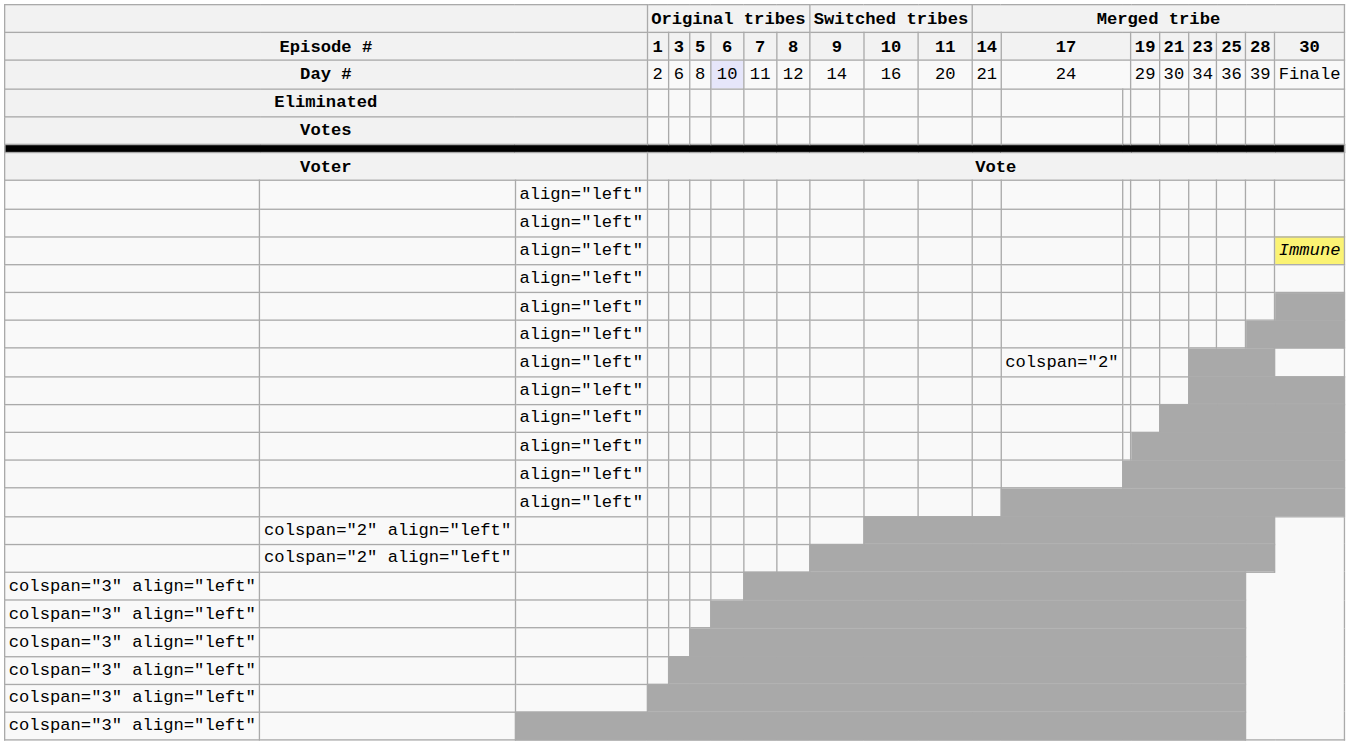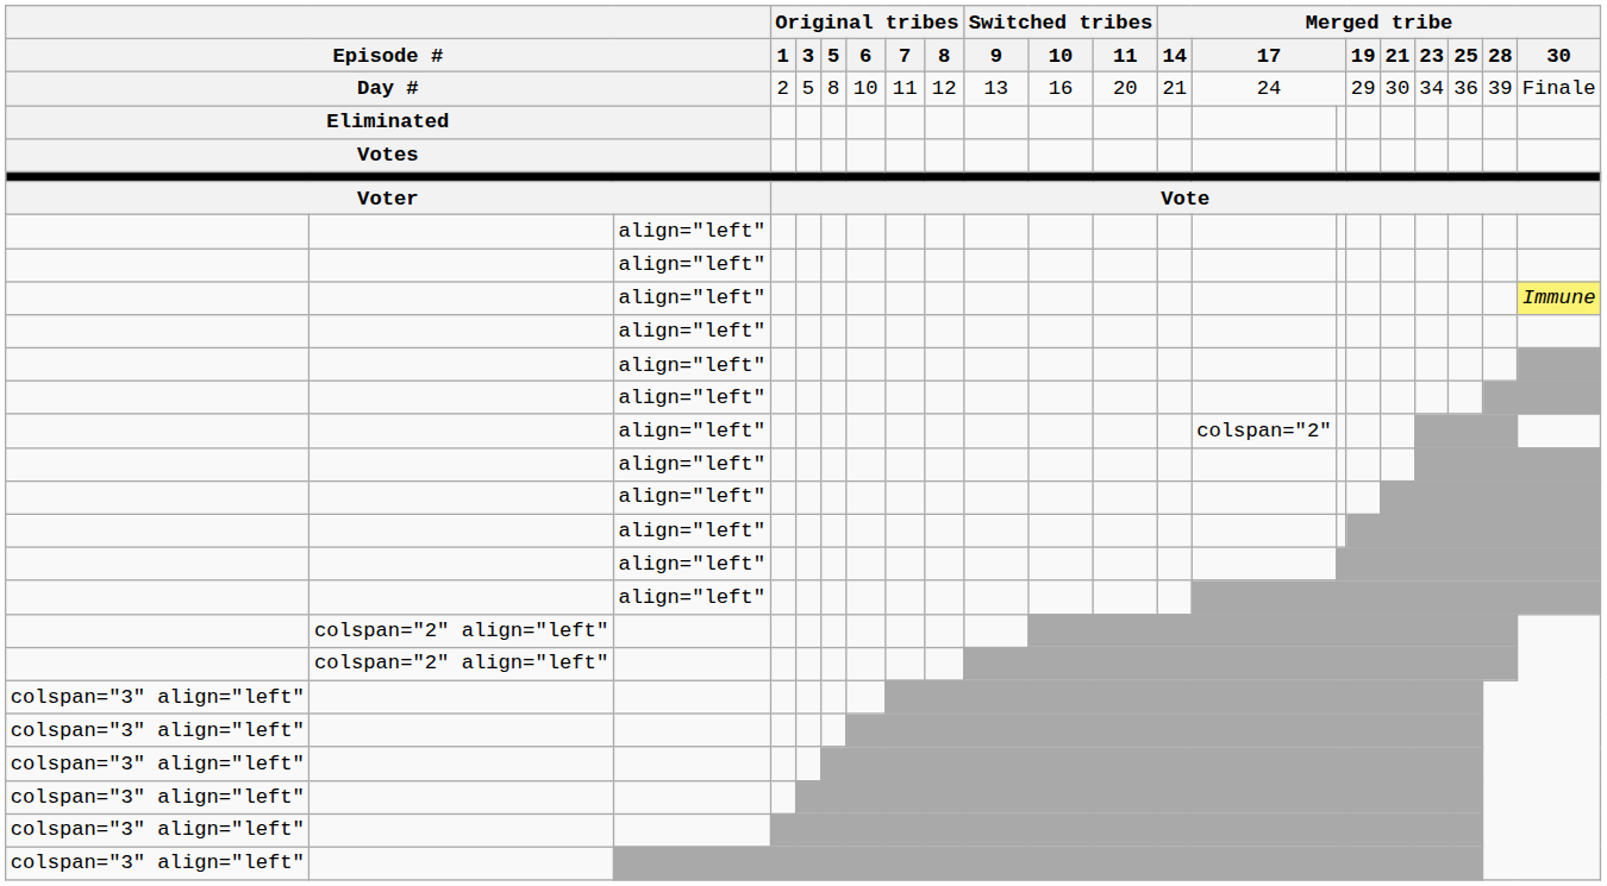 <table class="wikitable nowrap" style="text-align:center">
 <tr>
 <th colspan="3"></th>
 <th colspan="6">Original tribes</th>
 <th colspan="3">Switched tribes</th>
 <th colspan="9">Merged tribe</th>
 </tr>
 <tr>
 <th colspan="3">Episode #</th>
 <th>1</th>
 <th>3</th>
 <th>5</th>
 <th>6</th>
 <th>7</th>
 <th>8</th>
 <th>9</th>
 <th>10</th>
 <th>11</th>
 <th>14</th>
 <th colspan=2>17</th>
 <th>19</th>
 <th>21</th>
 <th>23</th>
 <th>25</th>
 <th>28</th>
 <th>30</th>
 </tr>
 <tr>
 <th colspan="3">Day #</th>
 <td>2</td>
-<td>6</td>
+<td>5</td>
 <td>8</td>
-<td style="background: lavender;">10</td>
+<td>10</td>
 <td>11</td>
 <td>12</td>
-<td>14</td>
+<td>13</td>
 <td>16</td>
 <td>20</td>
 <td>21</td>
 <td colspan="2">24</td>
 <td>29</td>
 <td>30</td>
 <td>34</td>
 <td>36</td>
 <td>39</td>
 <td>Finale</td>
 </tr>
 <tr>
 <th colspan="3">Eliminated</th>
 <td></td>
 <td></td>
 <td></td>
 <td></td>
 <td></td>
 <td></td>
 <td></td>
 <td></td>
 <td></td>
 <td></td>
 <td></td>
 <td></td>
 <td></td>
 <td></td>
 <td></td>
 <td></td>
 <td></td>
 <td></td>
 </tr>
 <tr>
 <th colspan="3">Votes</th>
 <td></td>
 <td></td>
 <td></td>
 <td></td>
 <td></td>
 <td></td>
 <td></td>
 <td></td>
 <td></td>
 <td></td>
 <td></td>
 <td></td>
 <td></td>
 <td></td>
 <td></td>
 <td></td>
 <td></td>
 <td></td>
 </tr>
 <tr>
 <th colspan="21" style="background:black;"></th>
 </tr>
 <tr>
 <th colspan=3>Voter</th>
 <th colspan=18>Vote</th>
 </tr>
 <tr>
 <td></td>
 <td></td>
 <td>align="left" </td>
 <td></td>
 <td></td>
 <td></td>
 <td></td>
 <td></td>
 <td></td>
 <td></td>
 <td></td>
 <td></td>
 <td></td>
 <td></td>
 <td></td>
 <td></td>
 <td></td>
 <td></td>
 <td></td>
 <td></td>
 <td></td>
 </tr>
 <tr>
 <td></td>
 <td></td>
 <td>align="left" </td>
 <td></td>
 <td></td>
 <td></td>
 <td></td>
 <td></td>
 <td></td>
 <td></td>
 <td></td>
 <td></td>
 <td></td>
 <td></td>
 <td></td>
 <td></td>
 <td></td>
 <td></td>
 <td></td>
 <td></td>
 <td></td>
 </tr>
 <tr>
 <td></td>
 <td></td>
 <td>align="left" </td>
 <td></td>
 <td></td>
 <td></td>
 <td></td>
 <td></td>
 <td></td>
 <td></td>
 <td></td>
 <td></td>
 <td></td>
 <td></td>
 <td></td>
 <td></td>
 <td></td>
 <td></td>
 <td></td>
 <td></td>
 <td style="background:#FBF373"><em>Immune</em></td>
 </tr>
 <tr>
 <td></td>
 <td></td>
 <td>align="left" </td>
 <td></td>
 <td></td>
 <td></td>
 <td></td>
 <td></td>
 <td></td>
 <td></td>
 <td></td>
 <td></td>
 <td></td>
 <td></td>
 <td></td>
 <td></td>
 <td></td>
 <td></td>
 <td></td>
 <td></td>
 <td></td>
 </tr>
 <tr>
 <td></td>
 <td></td>
 <td>align="left" </td>
 <td></td>
 <td></td>
 <td></td>
 <td></td>
 <td></td>
 <td></td>
 <td></td>
 <td></td>
 <td></td>
 <td></td>
 <td></td>
 <td></td>
 <td></td>
 <td></td>
 <td></td>
 <td></td>
 <td></td>
 <td style="background:darkgrey;"></td>
 </tr>
 <tr>
 <td></td>
 <td></td>
 <td>align="left" </td>
 <td></td>
 <td></td>
 <td></td>
 <td></td>
 <td></td>
 <td></td>
 <td></td>
 <td></td>
 <td></td>
 <td></td>
 <td></td>
 <td></td>
 <td></td>
 <td></td>
 <td></td>
 <td></td>
 <td colspan="2" style="background:darkgrey;"></td>
 </tr>
 <tr>
 <td></td>
 <td></td>
 <td>align="left" </td>
 <td></td>
 <td></td>
 <td></td>
 <td></td>
 <td></td>
 <td></td>
 <td></td>
 <td></td>
 <td></td>
 <td></td>
 <td>colspan="2" </td>
 <td></td>
 <td></td>
 <td></td>
 <td colspan="3" style="background:darkgrey;"></td>
 </tr>
 <tr>
 <td></td>
 <td></td>
 <td>align="left" </td>
 <td></td>
 <td></td>
 <td></td>
 <td></td>
 <td></td>
 <td></td>
 <td></td>
 <td></td>
 <td></td>
 <td></td>
 <td></td>
 <td></td>
 <td></td>
 <td></td>
 <td colspan="4" style="background:darkgrey;"></td>
 </tr>
 <tr>
 <td></td>
 <td></td>
 <td>align="left" </td>
 <td></td>
 <td></td>
 <td></td>
 <td></td>
 <td></td>
 <td></td>
 <td></td>
 <td></td>
 <td></td>
 <td></td>
 <td></td>
 <td></td>
 <td></td>
 <td colspan="5" style="background:darkgrey;"></td>
 </tr>
 <tr>
 <td></td>
 <td></td>
 <td>align="left" </td>
 <td></td>
 <td></td>
 <td></td>
 <td></td>
 <td></td>
 <td></td>
 <td></td>
 <td></td>
 <td></td>
 <td></td>
 <td></td>
 <td></td>
 <td colspan="6" style="background:darkgrey;"></td>
 </tr>
 <tr>
 <td></td>
 <td></td>
 <td>align="left" </td>
 <td></td>
 <td></td>
 <td></td>
 <td></td>
 <td></td>
 <td></td>
 <td></td>
 <td></td>
 <td></td>
 <td></td>
 <td></td>
 <td colspan="7" style="background:darkgrey;"></td>
 </tr>
 <tr>
 <td></td>
 <td></td>
 <td>align="left" </td>
 <td></td>
 <td></td>
 <td></td>
 <td></td>
 <td></td>
 <td></td>
 <td></td>
 <td></td>
 <td></td>
 <td></td>
 <td colspan="8" style="background:darkgrey;"></td>
 </tr>
 <tr>
 <td></td>
 <td>colspan="2" align="left" </td>
 <td></td>
 <td></td>
 <td></td>
 <td></td>
 <td></td>
 <td></td>
 <td></td>
 <td></td>
 <td colspan="10" style="background:darkgrey;"></td>
 </tr>
 <tr>
 <td></td>
 <td>colspan="2" align="left" </td>
 <td></td>
 <td></td>
 <td></td>
 <td></td>
 <td></td>
 <td></td>
 <td></td>
 <td colspan="11" style="background:darkgrey;"></td>
 </tr>
 <tr>
 <td>colspan="3" align="left" </td>
 <td></td>
 <td></td>
 <td></td>
 <td></td>
 <td></td>
 <td></td>
 <td colspan="12" style="background:darkgrey;"></td>
 </tr>
 <tr>
 <td>colspan="3" align="left" </td>
 <td></td>
 <td></td>
 <td></td>
 <td></td>
 <td></td>
 <td colspan="13" style="background:darkgrey;"></td>
 </tr>
 <tr>
 <td>colspan="3" align="left" </td>
 <td></td>
 <td></td>
 <td></td>
 <td></td>
 <td colspan="14" style="background:darkgrey;"></td>
 </tr>
 <tr>
 <td>colspan="3" align="left" </td>
 <td></td>
 <td></td>
 <td></td>
 <td colspan="15" style="background:darkgrey;"></td>
 </tr>
 <tr>
 <td>colspan="3" align="left" </td>
 <td></td>
 <td></td>
 <td colspan="16" style="background:darkgrey;"></td>
 </tr>
 <tr>
 <td>colspan="3" align="left" </td>
 <td></td>
 <td colspan="17" style="background:darkgrey;"></td>
 </tr>
 </table>
